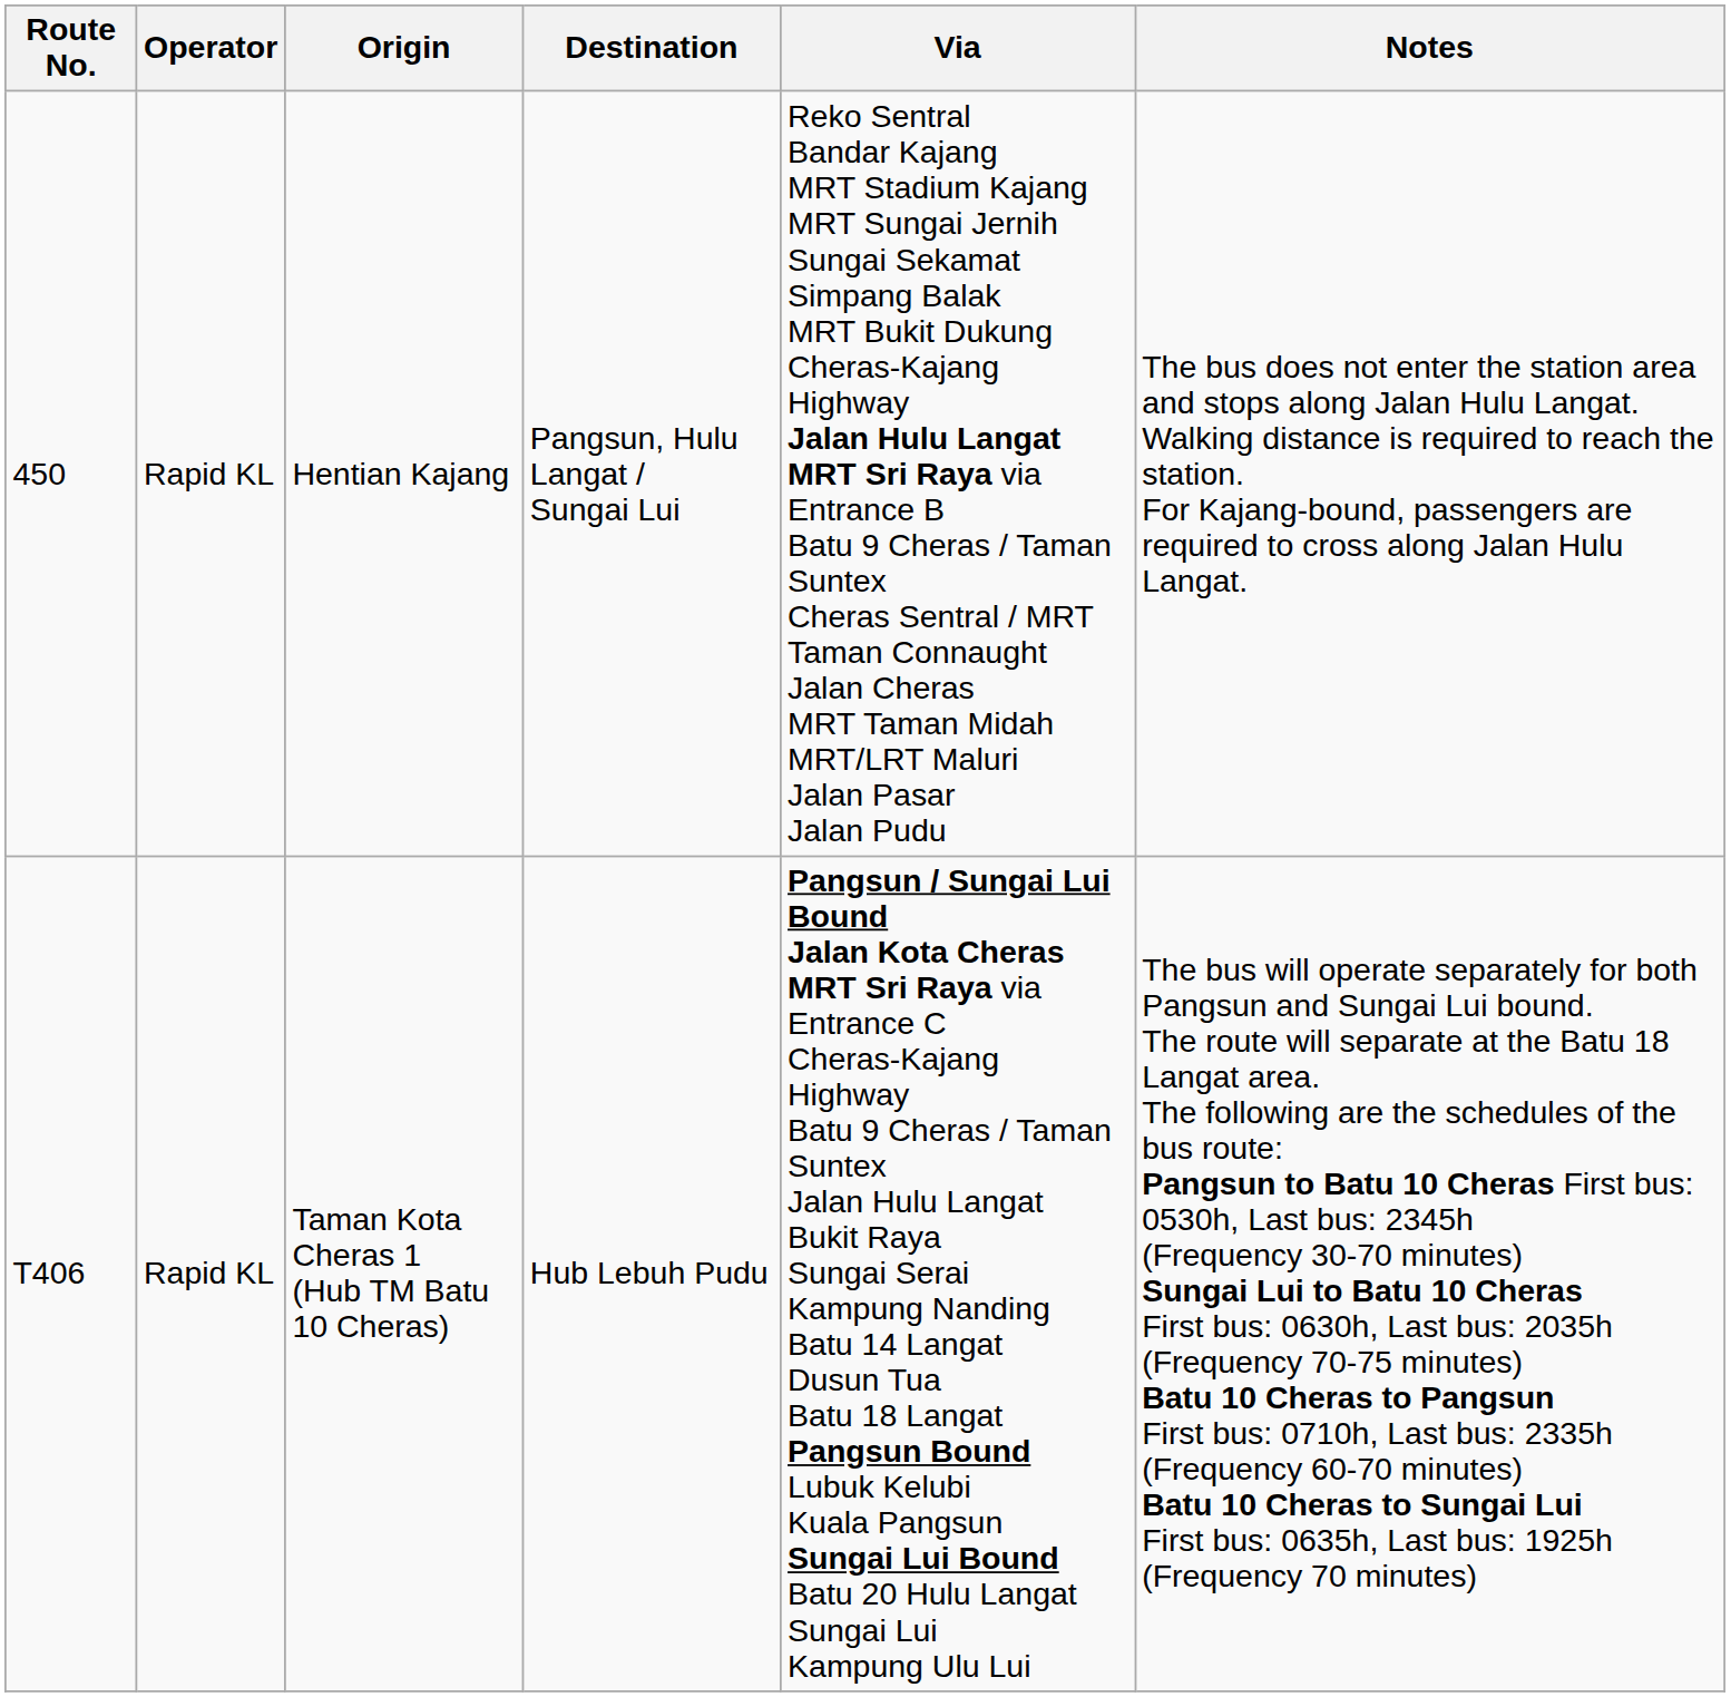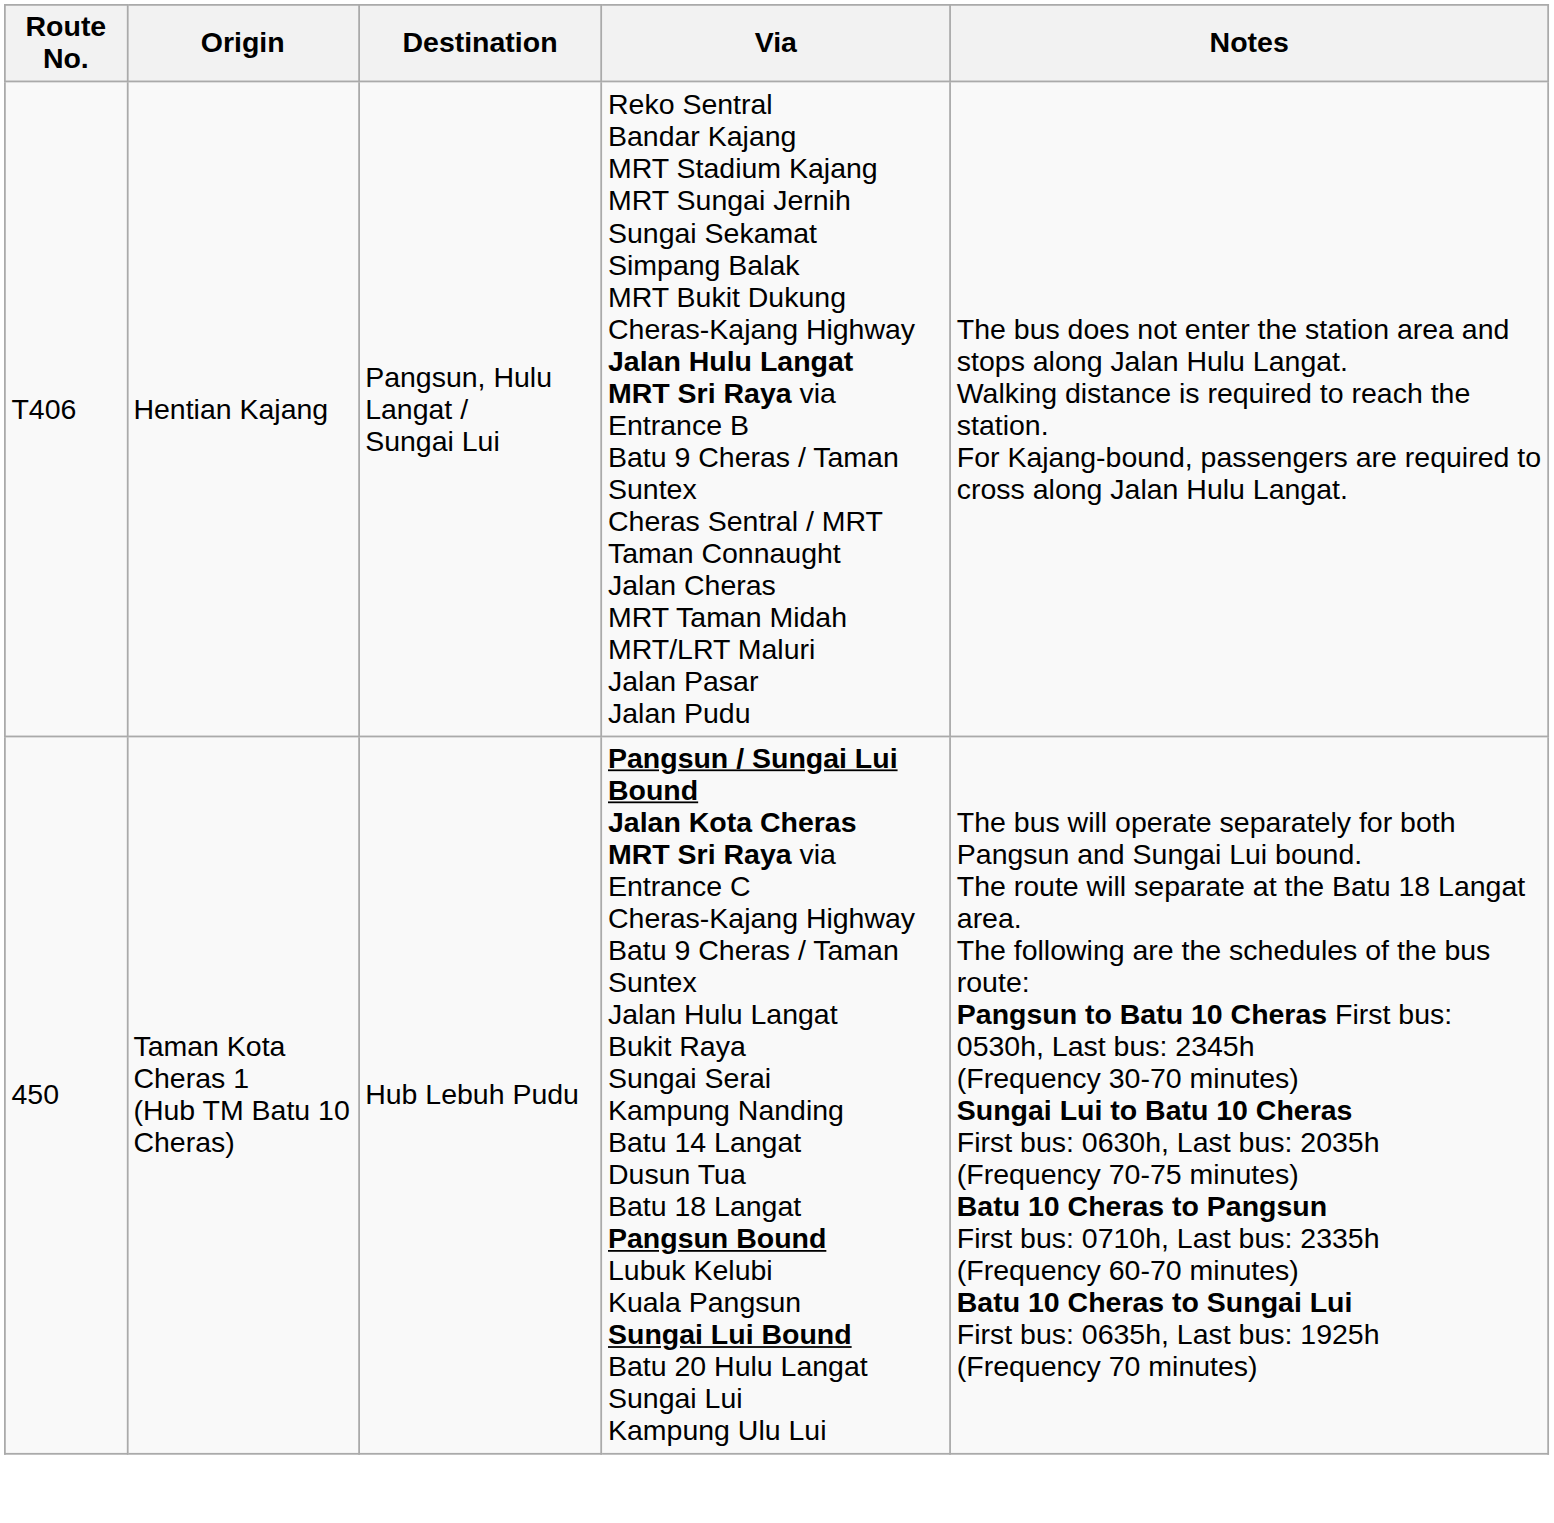 <table class="wikitable">
 <tr>
 <th>Route No.</th>
-<th>Operator</th>
 <th>Origin</th>
 <th>Destination</th>
 <th>Via</th>
 <th>Notes</th>
 </tr>
 <tr>
-<td>450</td>
-<td>Rapid KL</td>
+<td>T406</td>
 <td>Hentian Kajang</td>
 <td>Pangsun, Hulu Langat /<br>Sungai Lui</td>
 <td>Reko Sentral<br>Bandar Kajang<br> MRT Stadium Kajang<br> MRT Sungai Jernih<br>Sungai Sekamat<br>Simpang Balak<br> MRT Bukit Dukung<br> Cheras-Kajang Highway<br><strong>Jalan Hulu Langat</strong><br> <strong>MRT Sri Raya</strong> via Entrance B<br>Batu 9 Cheras / Taman Suntex<br>Cheras Sentral /  MRT Taman Connaught<br>Jalan Cheras<br> MRT Taman Midah<br> MRT/LRT Maluri<br>Jalan Pasar<br>Jalan Pudu</td>
 <td>The bus does not enter the station area and stops along Jalan Hulu Langat.<br>Walking distance is required to reach the station.<br>For Kajang-bound, passengers are required to cross along Jalan Hulu Langat.</td>
 </tr>
 <tr>
-<td>T406</td>
-<td>Rapid KL</td>
+<td>450</td>
 <td>Taman Kota Cheras 1<br>(Hub TM Batu 10 Cheras)</td>
 <td>Hub Lebuh Pudu</td>
 <td><strong><u>Pangsun / Sungai Lui Bound</u></strong><br><strong>Jalan Kota Cheras</strong><br> <strong>MRT Sri Raya</strong> via Entrance C<br> Cheras-Kajang Highway<br>Batu 9 Cheras / Taman Suntex<br>Jalan Hulu Langat<br>Bukit Raya<br>Sungai Serai<br>Kampung Nanding<br>Batu 14 Langat<br>Dusun Tua<br>Batu 18 Langat<br><strong><u>Pangsun Bound</u></strong><br>Lubuk Kelubi<br>Kuala Pangsun<br><strong><u>Sungai Lui Bound</u></strong><br>Batu 20 Hulu Langat<br>Sungai Lui<br>Kampung Ulu Lui</td>
 <td>The bus will operate separately for both Pangsun and Sungai Lui bound.<br>The route will separate at the Batu 18 Langat area.<br>The following are the schedules of the bus route:<br><strong>Pangsun to Batu 10 Cheras</strong> First bus: 0530h, Last bus: 2345h<br>(Frequency 30-70 minutes)<br><strong>Sungai Lui to Batu 10 Cheras</strong><br>First bus: 0630h, Last bus: 2035h<br>(Frequency 70-75 minutes)<br><strong>Batu 10 Cheras to Pangsun</strong><br>First bus: 0710h, Last bus: 2335h<br>(Frequency 60-70 minutes)<br><strong>Batu 10 Cheras to Sungai Lui</strong><br>First bus: 0635h, Last bus: 1925h<br>(Frequency 70 minutes)</td>
 </tr>
 </table>
